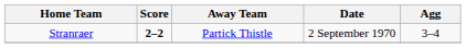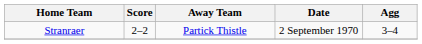 <table class="wikitable" style="text-align:center;">
 <tr>
 <th width=175>Home Team</th>
 <th width=20>Score</th>
 <th width=175>Away Team</th>
 <th width= 125>Date</th>
 <th width= 75>Agg</th>
 </tr>
 <tr>
 <td><a href='#'>Stranraer</a></td>
-<td><strong>2–2</strong></td>
+<td>2–2</td>
 <td><a href='#'>Partick Thistle</a></td>
 <td>2 September 1970</td>
 <td>3–4</td>
 </tr>
 <tr>
 </tr>
 </table>
